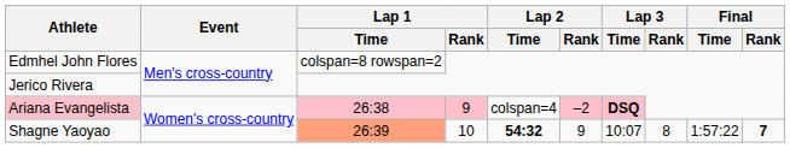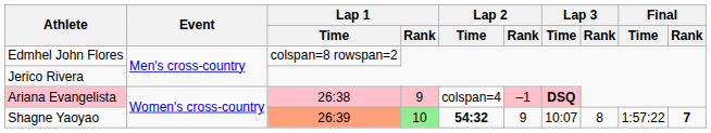 <table class=wikitable style="font-size:90%; text-align:center">
 <tr>
 <th rowspan="2">Athlete</th>
 <th rowspan="2">Event</th>
 <th colspan=2>Lap 1</th>
 <th colspan=2>Lap 2</th>
 <th colspan=2>Lap 3</th>
 <th colspan=2>Final</th>
 </tr>
 <tr>
 <th>Time</th>
 <th>Rank</th>
 <th>Time</th>
 <th>Rank</th>
 <th>Time</th>
 <th>Rank</th>
 <th>Time</th>
 <th>Rank</th>
 </tr>
 <tr>
 <td align=left>Edmhel John Flores</td>
 <td rowspan=2 align=left><a href='#'>Men's cross-country</a></td>
 <td>colspan=8 rowspan=2 </td>
 </tr>
 <tr>
 <td align=left>Jerico Rivera</td>
 </tr>
 <tr>
 <td align=left style="background:pink">Ariana Evangelista</td>
 <td rowspan=2 align=left><a href='#'>Women's cross-country</a></td>
 <td style="background:pink">26:38</td>
 <td style="background:pink">9</td>
 <td>colspan=4 </td>
-<td style="background:pink">–2</td>
+<td style="background:pink">–1</td>
 <td style="background:pink"><strong>DSQ</strong></td>
 </tr>
 <tr>
 <td align=left>Shagne Yaoyao</td>
 <td style="background: lightsalmon;">26:39</td>
-<td>10</td>
+<td style="background: lightgreen;">10</td>
 <td><strong>54:32</strong></td>
 <td>9</td>
 <td>10:07</td>
 <td>8</td>
 <td>1:57:22</td>
 <td><strong>7</strong></td>
 </tr>
 </table>
